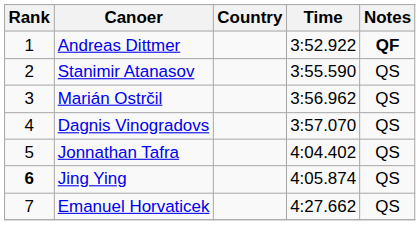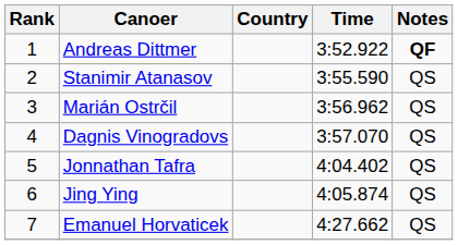 <table class="wikitable sortable" style="text-align:center">
 <tr>
 <th>Rank</th>
 <th>Canoer</th>
 <th>Country</th>
 <th>Time</th>
 <th>Notes</th>
 </tr>
 <tr>
 <td>1</td>
 <td align=left><a href='#'>Andreas Dittmer</a></td>
 <td></td>
 <td width=60>3:52.922</td>
 <td><strong>QF</strong></td>
 </tr>
 <tr>
 <td>2</td>
 <td align=left><a href='#'>Stanimir Atanasov</a></td>
 <td></td>
 <td>3:55.590</td>
 <td>QS</td>
 </tr>
 <tr>
 <td>3</td>
 <td align=left><a href='#'>Marián Ostrčil</a></td>
 <td></td>
 <td>3:56.962</td>
 <td>QS</td>
 </tr>
 <tr>
 <td>4</td>
 <td align=left><a href='#'>Dagnis Vinogradovs</a></td>
 <td></td>
 <td>3:57.070</td>
 <td>QS</td>
 </tr>
 <tr>
 <td>5</td>
 <td align=left><a href='#'>Jonnathan Tafra</a></td>
 <td></td>
 <td>4:04.402</td>
 <td>QS</td>
 </tr>
 <tr>
-<td><strong>6</strong></td>
+<td>6</td>
 <td align=left><a href='#'>Jing Ying</a></td>
 <td></td>
 <td>4:05.874</td>
 <td>QS</td>
 </tr>
 <tr>
 <td>7</td>
 <td align=left><a href='#'>Emanuel Horvaticek</a></td>
 <td></td>
 <td>4:27.662</td>
 <td>QS</td>
 </tr>
 <tr>
 </tr>
 </table>
